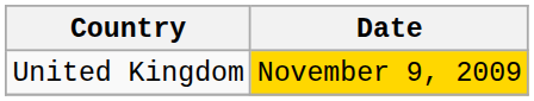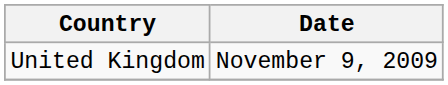 <table class="wikitable">
 <tr>
 <th align="center">Country</th>
 <th align="center">Date</th>
 </tr>
 <tr>
 <td>United Kingdom</td>
-<td style="background: gold;">November 9, 2009</td>
+<td>November 9, 2009</td>
 </tr>
 <tr>
 </tr>
 </table>
